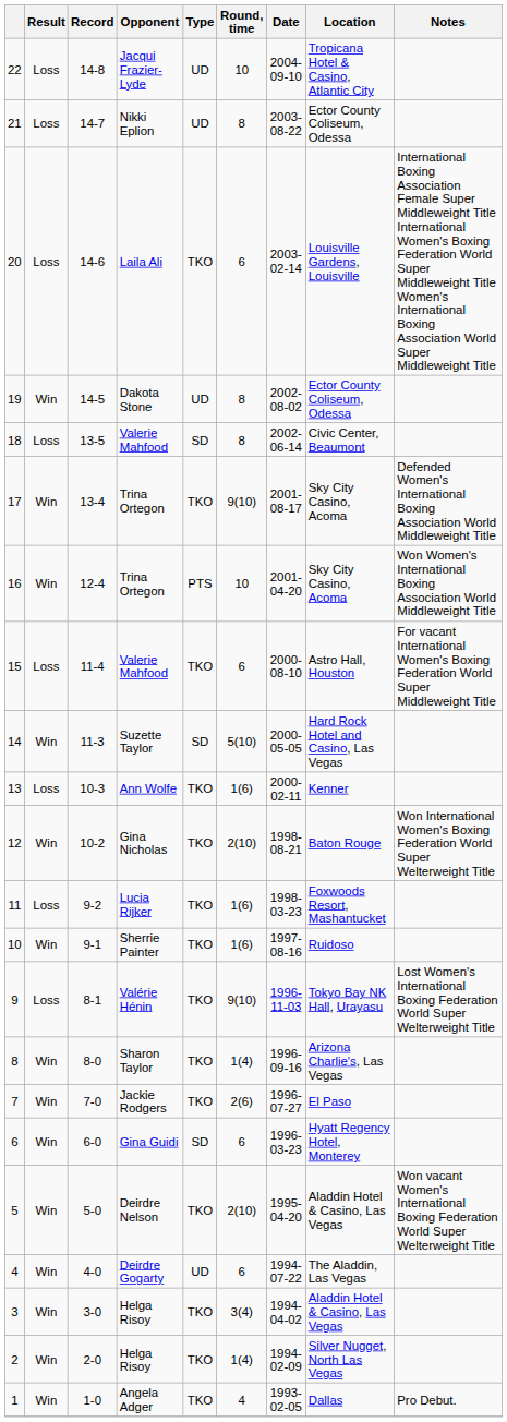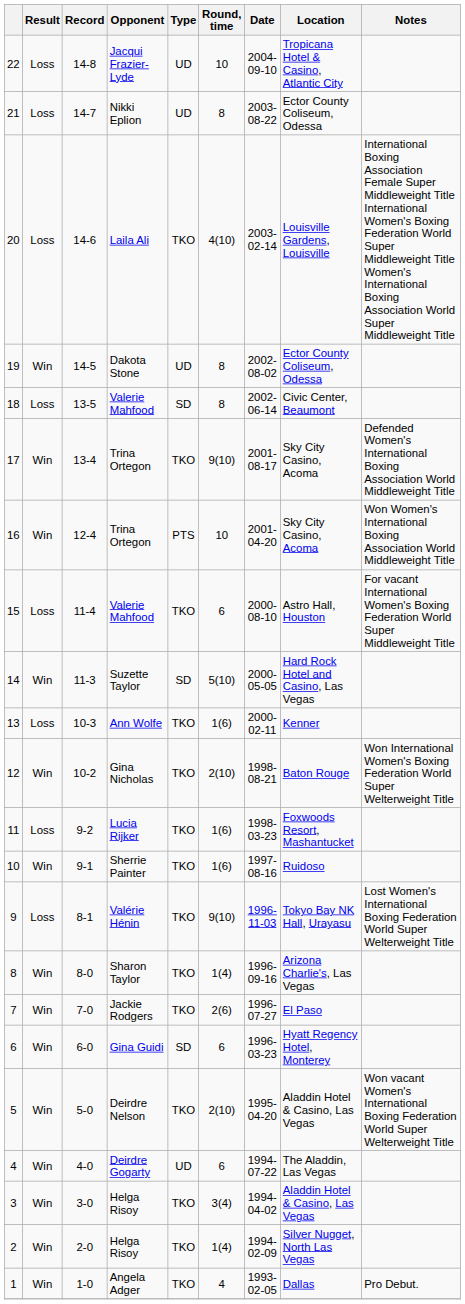 <table class="wikitable" style="text-align:center; font-size:95%">
 <tr>
 <th></th>
 <th>Result</th>
 <th>Record</th>
 <th>Opponent</th>
 <th>Type</th>
 <th>Round, time</th>
 <th>Date</th>
 <th>Location</th>
 <th>Notes</th>
 </tr>
 <tr>
 <td>22</td>
 <td>Loss</td>
 <td>14-8</td>
 <td style="text-align:left;"> <a href='#'>Jacqui Frazier-Lyde</a></td>
 <td>UD</td>
 <td>10</td>
 <td>2004-09-10</td>
 <td style="text-align:left;"><a href='#'>Tropicana Hotel & Casino</a>, <a href='#'>Atlantic City</a></td>
 <td style="text-align:left;"></td>
 </tr>
 <tr>
 <td>21</td>
 <td>Loss</td>
 <td>14-7</td>
 <td style="text-align:left;"> Nikki Eplion</td>
 <td>UD</td>
 <td>8</td>
 <td>2003-08-22</td>
 <td style="text-align:left;">Ector County Coliseum, Odessa</td>
 <td style="text-align:left;"></td>
 </tr>
 <tr>
 <td>20</td>
 <td>Loss</td>
 <td>14-6</td>
 <td style="text-align:left;"> <a href='#'>Laila Ali</a></td>
 <td>TKO</td>
-<td>6</td>
+<td>4(10)</td>
 <td>2003-02-14</td>
 <td style="text-align:left;"><a href='#'>Louisville Gardens</a>, <a href='#'>Louisville</a></td>
 <td style="text-align:left;">International Boxing Association Female Super Middleweight Title<br>International Women's Boxing Federation World Super Middleweight Title Women's International Boxing Association World Super Middleweight Title</td>
 </tr>
 <tr>
 <td>19</td>
 <td>Win</td>
 <td>14-5</td>
 <td style="text-align:left;"> Dakota Stone</td>
 <td>UD</td>
 <td>8</td>
 <td>2002-08-02</td>
 <td style="text-align:left;"><a href='#'>Ector County Coliseum</a>, <a href='#'>Odessa</a></td>
 <td style="text-align:left;"></td>
 </tr>
 <tr>
 <td>18</td>
 <td>Loss</td>
 <td>13-5</td>
 <td style="text-align:left;"> <a href='#'>Valerie Mahfood</a></td>
 <td>SD</td>
 <td>8</td>
 <td>2002-06-14</td>
 <td style="text-align:left;">Civic Center, <a href='#'>Beaumont</a></td>
 <td style="text-align:left;"></td>
 </tr>
 <tr>
 <td>17</td>
 <td>Win</td>
 <td>13-4</td>
 <td style="text-align:left;"> Trina Ortegon</td>
 <td>TKO</td>
 <td>9(10)</td>
 <td>2001-08-17</td>
 <td style="text-align:left;">Sky City Casino, Acoma</td>
 <td style="text-align:left;">Defended Women's International Boxing Association World Middleweight Title</td>
 </tr>
 <tr>
 <td>16</td>
 <td>Win</td>
 <td>12-4</td>
 <td style="text-align:left;"> Trina Ortegon</td>
 <td>PTS</td>
 <td>10</td>
 <td>2001-04-20</td>
 <td style="text-align:left;">Sky City Casino, <a href='#'>Acoma</a></td>
 <td style="text-align:left;">Won Women's International Boxing Association World Middleweight Title</td>
 </tr>
 <tr>
 <td>15</td>
 <td>Loss</td>
 <td>11-4</td>
 <td style="text-align:left;"> <a href='#'>Valerie Mahfood</a></td>
 <td>TKO</td>
 <td>6</td>
 <td>2000-08-10</td>
 <td style="text-align:left;">Astro Hall, <a href='#'>Houston</a></td>
 <td style="text-align:left;">For vacant International Women's Boxing Federation World Super Middleweight Title</td>
 </tr>
 <tr>
 <td>14</td>
 <td>Win</td>
 <td>11-3</td>
 <td style="text-align:left;"> Suzette Taylor</td>
 <td>SD</td>
 <td>5(10)</td>
 <td>2000-05-05</td>
 <td style="text-align:left;"><a href='#'>Hard Rock Hotel and Casino</a>, Las Vegas</td>
 <td style="text-align:left;"></td>
 </tr>
 <tr>
 <td>13</td>
 <td>Loss</td>
 <td>10-3</td>
 <td style="text-align:left;"> <a href='#'>Ann Wolfe</a></td>
 <td>TKO</td>
 <td>1(6)</td>
 <td>2000-02-11</td>
 <td style="text-align:left;"><a href='#'>Kenner</a></td>
 <td style="text-align:left;"></td>
 </tr>
 <tr>
 <td>12</td>
 <td>Win</td>
 <td>10-2</td>
 <td style="text-align:left;"> Gina Nicholas</td>
 <td>TKO</td>
 <td>2(10)</td>
 <td>1998-08-21</td>
 <td style="text-align:left;"><a href='#'>Baton Rouge</a></td>
 <td style="text-align:left;">Won International Women's Boxing Federation World Super Welterweight Title</td>
 </tr>
 <tr>
 <td>11</td>
 <td>Loss</td>
 <td>9-2</td>
 <td style="text-align:left;"> <a href='#'>Lucia Rijker</a></td>
 <td>TKO</td>
 <td>1(6)</td>
 <td>1998-03-23</td>
 <td style="text-align:left;"><a href='#'>Foxwoods Resort</a>, <a href='#'>Mashantucket</a></td>
 <td style="text-align:left;"></td>
 </tr>
 <tr>
 <td>10</td>
 <td>Win</td>
 <td>9-1</td>
 <td style="text-align:left;"> Sherrie Painter</td>
 <td>TKO</td>
 <td>1(6)</td>
 <td>1997-08-16</td>
 <td style="text-align:left;"><a href='#'>Ruidoso</a></td>
 <td style="text-align:left;"></td>
 </tr>
 <tr>
 <td>9</td>
 <td>Loss</td>
 <td>8-1</td>
 <td style="text-align:left;"> <a href='#'>Valérie Hénin</a></td>
 <td>TKO</td>
 <td>9(10)</td>
 <td><a href='#'>1996-11-03</a></td>
 <td style="text-align:left;"><a href='#'>Tokyo Bay NK Hall</a>, <a href='#'>Urayasu</a></td>
 <td style="text-align:left;">Lost Women's International Boxing Federation World Super Welterweight Title</td>
 </tr>
 <tr>
 <td>8</td>
 <td>Win</td>
 <td>8-0</td>
 <td style="text-align:left;"> Sharon Taylor</td>
 <td>TKO</td>
 <td>1(4)</td>
 <td>1996-09-16</td>
 <td style="text-align:left;"><a href='#'>Arizona Charlie's</a>, Las Vegas</td>
 <td style="text-align:left;"></td>
 </tr>
 <tr>
 <td>7</td>
 <td>Win</td>
 <td>7-0</td>
 <td style="text-align:left;"> Jackie Rodgers</td>
 <td>TKO</td>
 <td>2(6)</td>
 <td>1996-07-27</td>
 <td style="text-align:left;"><a href='#'>El Paso</a></td>
 <td style="text-align:left;"></td>
 </tr>
 <tr>
 <td>6</td>
 <td>Win</td>
 <td>6-0</td>
 <td style="text-align:left;"> <a href='#'>Gina Guidi</a></td>
 <td>SD</td>
 <td>6</td>
 <td>1996-03-23</td>
 <td style="text-align:left;"><a href='#'>Hyatt Regency Hotel</a>, <a href='#'>Monterey</a></td>
 <td style="text-align:left;"></td>
 </tr>
 <tr>
 <td>5</td>
 <td>Win</td>
 <td>5-0</td>
 <td style="text-align:left;"> Deirdre Nelson</td>
 <td>TKO</td>
 <td>2(10)</td>
 <td>1995-04-20</td>
 <td style="text-align:left;">Aladdin Hotel & Casino, Las Vegas</td>
 <td style="text-align:left;">Won vacant Women's International Boxing Federation World Super Welterweight Title</td>
 </tr>
 <tr>
 <td>4</td>
 <td>Win</td>
 <td>4-0</td>
 <td style="text-align:left;"> <a href='#'>Deirdre Gogarty</a></td>
 <td>UD</td>
 <td>6</td>
 <td>1994-07-22</td>
 <td style="text-align:left;">The Aladdin, Las Vegas</td>
 <td style="text-align:left;"></td>
 </tr>
 <tr>
 <td>3</td>
 <td>Win</td>
 <td>3-0</td>
 <td style="text-align:left;"> Helga Risoy</td>
 <td>TKO</td>
 <td>3(4)</td>
 <td>1994-04-02</td>
 <td style="text-align:left;"><a href='#'>Aladdin Hotel & Casino</a>, <a href='#'>Las Vegas</a></td>
 <td style="text-align:left;"></td>
 </tr>
 <tr>
 <td>2</td>
 <td>Win</td>
 <td>2-0</td>
 <td style="text-align:left;"> Helga Risoy</td>
 <td>TKO</td>
 <td>1(4)</td>
 <td>1994-02-09</td>
 <td style="text-align:left;"><a href='#'>Silver Nugget</a>, <a href='#'>North Las Vegas</a></td>
 <td style="text-align:left;"></td>
 </tr>
 <tr>
 <td>1</td>
 <td>Win</td>
 <td>1-0</td>
 <td style="text-align:left;"> Angela Adger</td>
 <td>TKO</td>
 <td>4</td>
 <td>1993-02-05</td>
 <td style="text-align:left;"><a href='#'>Dallas</a></td>
 <td style="text-align:left;">Pro Debut.</td>
 </tr>
 <tr>
 </tr>
 </table>
